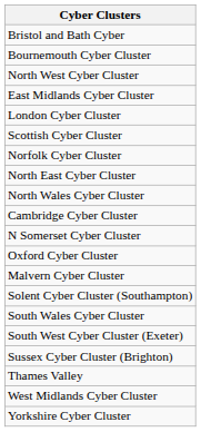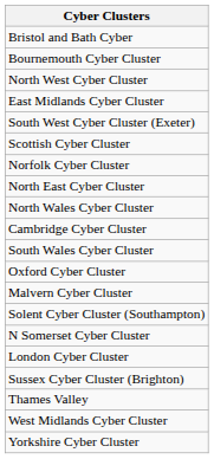 <table class="wikitable">
 <tr>
 <th>Cyber Clusters</th>
 </tr>
 <tr>
 <td>Bristol and Bath Cyber</td>
 </tr>
 <tr>
 <td>Bournemouth Cyber Cluster</td>
 </tr>
 <tr>
 <td>North West Cyber Cluster</td>
 </tr>
 <tr>
 <td>East Midlands Cyber Cluster</td>
 </tr>
 <tr>
-<td>London Cyber Cluster</td>
+<td>South West Cyber Cluster (Exeter)</td>
 </tr>
 <tr>
 <td>Scottish Cyber Cluster</td>
 </tr>
 <tr>
 <td>Norfolk Cyber Cluster</td>
 </tr>
 <tr>
 <td>North East Cyber Cluster</td>
 </tr>
 <tr>
 <td>North Wales Cyber Cluster</td>
 </tr>
 <tr>
 <td>Cambridge Cyber Cluster</td>
 </tr>
 <tr>
-<td>N Somerset Cyber Cluster</td>
+<td>South Wales Cyber Cluster</td>
 </tr>
 <tr>
 <td>Oxford Cyber Cluster</td>
 </tr>
 <tr>
 <td>Malvern Cyber Cluster</td>
 </tr>
 <tr>
 <td>Solent Cyber Cluster (Southampton)</td>
 </tr>
 <tr>
-<td>South Wales Cyber Cluster</td>
+<td>N Somerset Cyber Cluster</td>
 </tr>
 <tr>
-<td>South West Cyber Cluster (Exeter)</td>
+<td>London Cyber Cluster</td>
 </tr>
 <tr>
 <td>Sussex Cyber Cluster (Brighton)</td>
 </tr>
 <tr>
 <td>Thames Valley</td>
 </tr>
 <tr>
 <td>West Midlands Cyber Cluster</td>
 </tr>
 <tr>
 <td>Yorkshire Cyber Cluster</td>
 </tr>
 </table>
